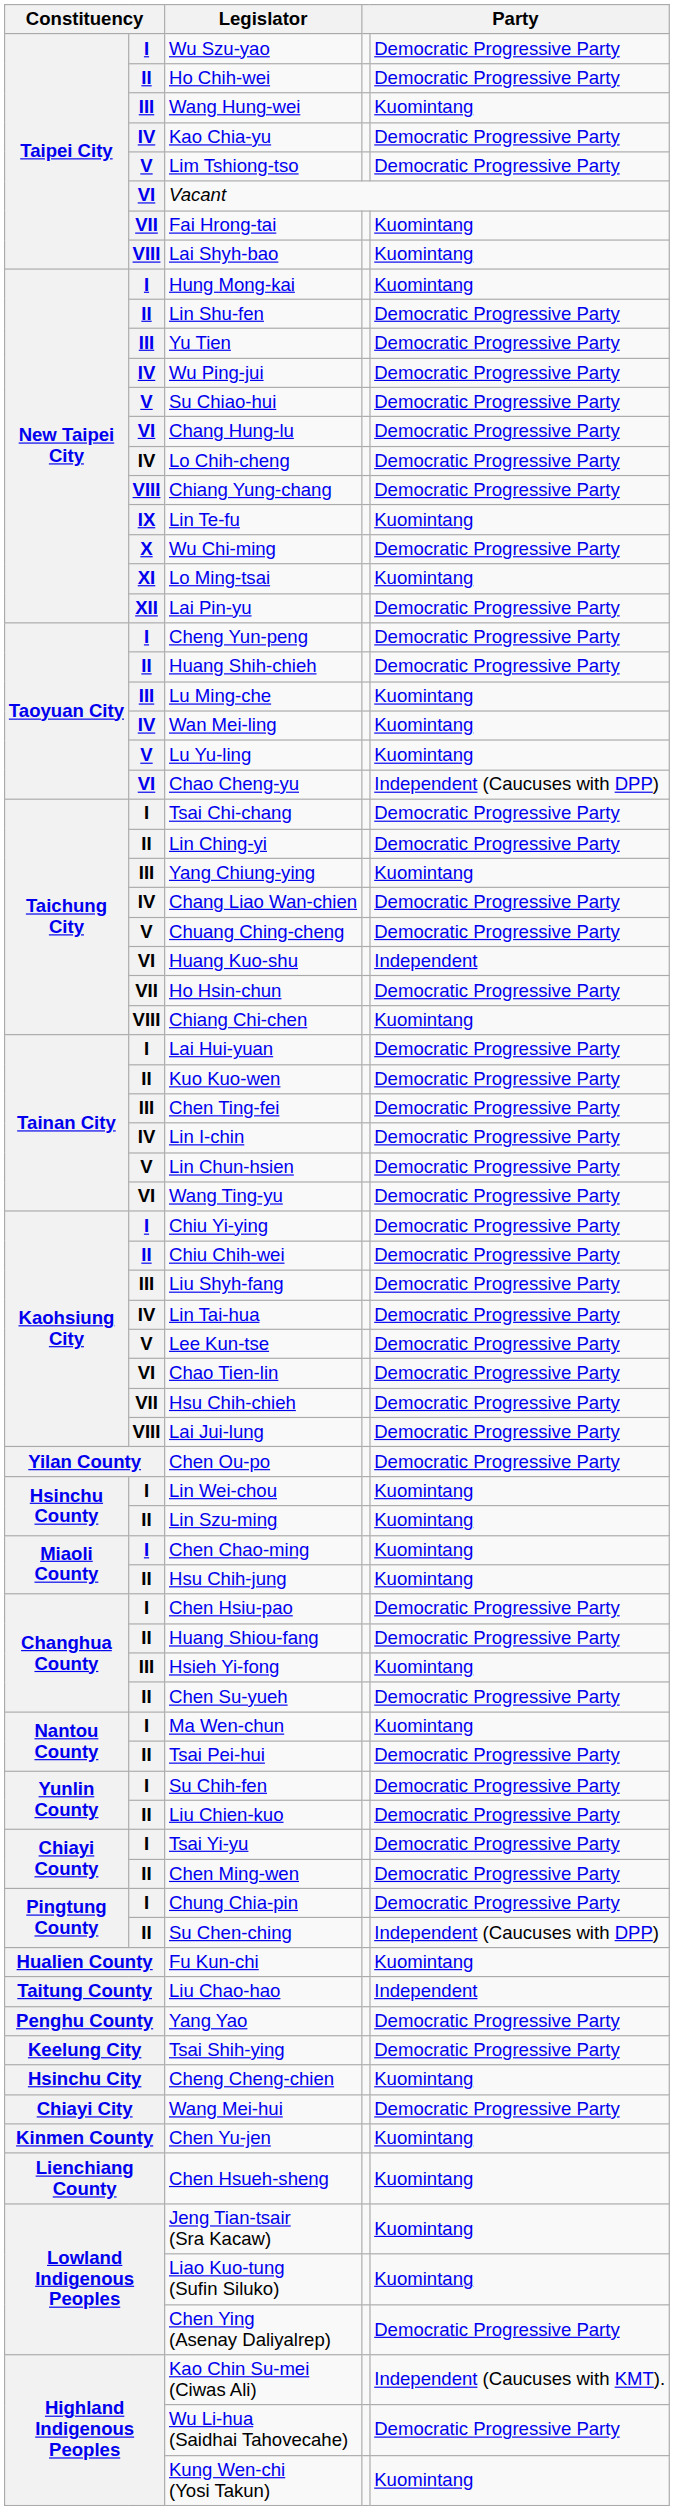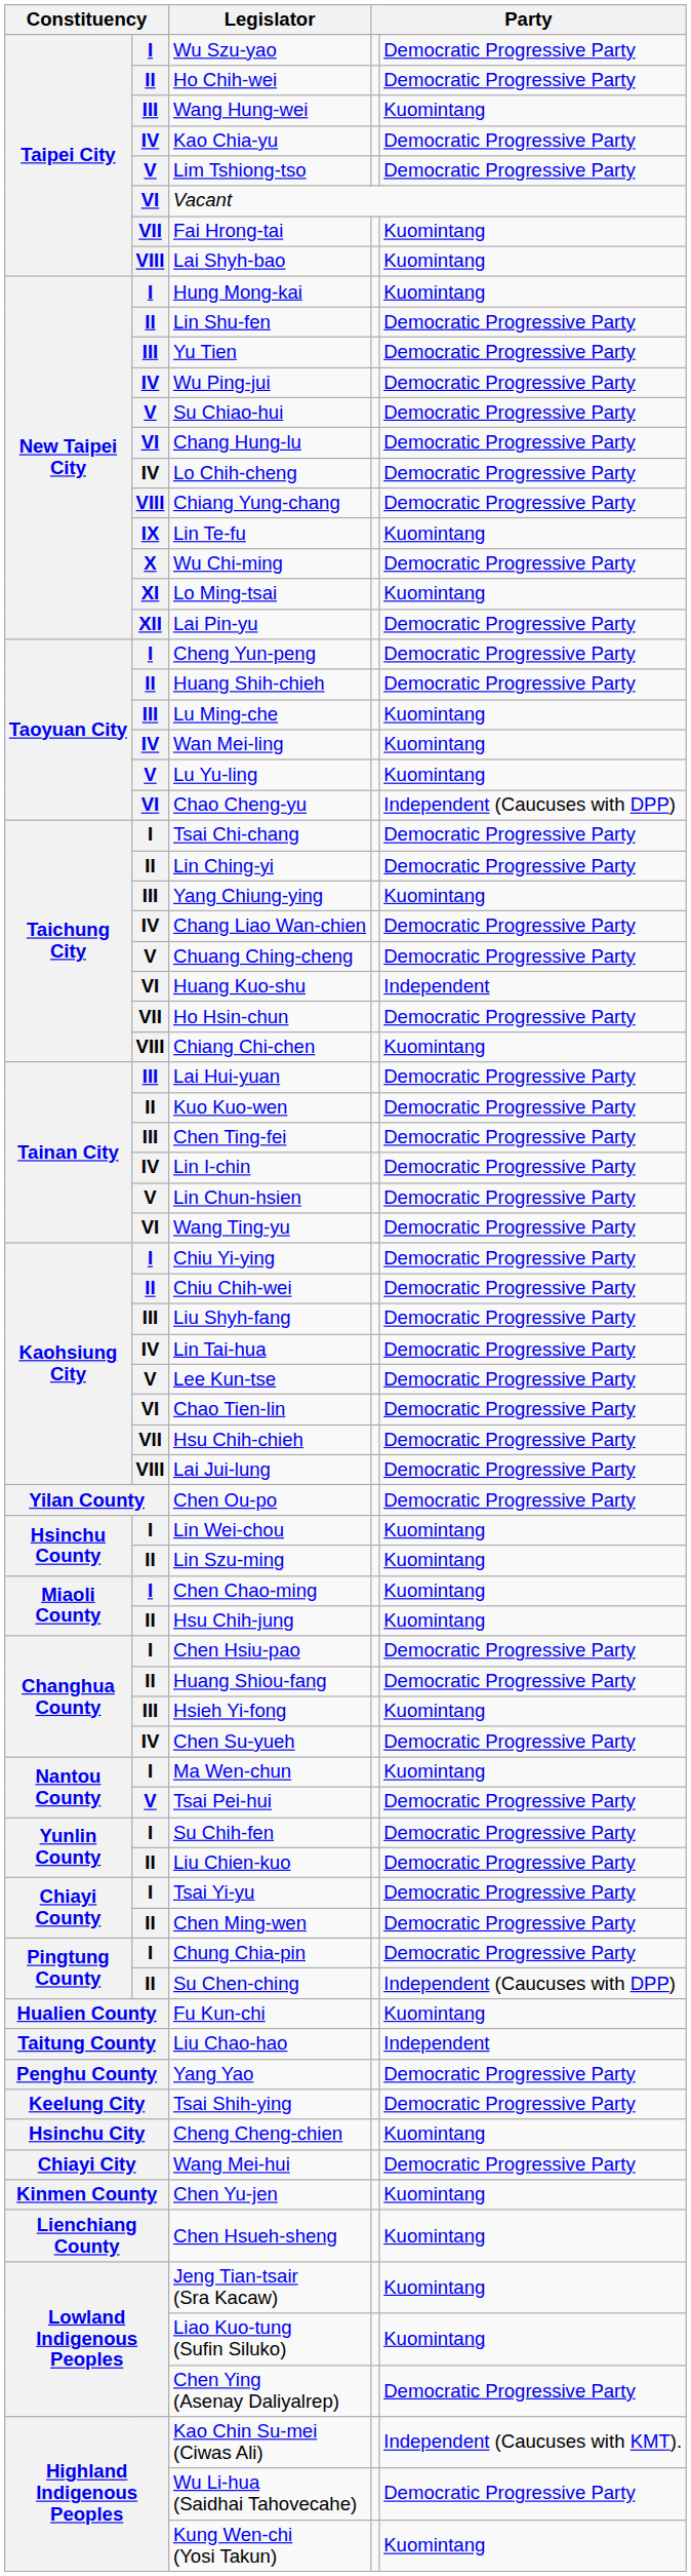 <table class="wikitable">
 <tr>
 <th colspan="2">Constituency</th>
 <th>Legislator</th>
 <th colspan="2">Party</th>
 </tr>
 <tr>
 <th rowspan="8"><a href='#'>Taipei City</a></th>
 <th><a href='#'>I</a></th>
 <td><a href='#'>Wu Szu-yao</a></td>
 <td style="background-color: "></td>
 <td><a href='#'>Democratic Progressive Party</a></td>
 </tr>
 <tr>
 <th><a href='#'>II</a></th>
 <td><a href='#'>Ho Chih-wei</a></td>
 <td style="background-color: "></td>
 <td><a href='#'>Democratic Progressive Party</a></td>
 </tr>
 <tr>
 <th><a href='#'>III</a></th>
 <td><a href='#'>Wang Hung-wei</a></td>
 <td style="background-color: "></td>
 <td><a href='#'>Kuomintang</a></td>
 </tr>
 <tr>
 <th><a href='#'>IV</a></th>
 <td><a href='#'>Kao Chia-yu</a></td>
 <td style="background-color: "></td>
 <td><a href='#'>Democratic Progressive Party</a></td>
 </tr>
 <tr>
 <th><a href='#'>V</a></th>
 <td><a href='#'>Lim Tshiong-tso</a></td>
 <td style="background-color: "></td>
 <td><a href='#'>Democratic Progressive Party</a></td>
 </tr>
 <tr>
 <th><a href='#'>VI</a></th>
 <td colspan="3"><em>Vacant</em></td>
 </tr>
 <tr>
 <th><a href='#'>VII</a></th>
 <td><a href='#'>Fai Hrong-tai</a></td>
 <td style="background-color: "></td>
 <td><a href='#'>Kuomintang</a></td>
 </tr>
 <tr>
 <th><a href='#'>VIII</a></th>
 <td><a href='#'>Lai Shyh-bao</a></td>
 <td style="background-color: "></td>
 <td><a href='#'>Kuomintang</a></td>
 </tr>
 <tr>
 <th rowspan="12"><a href='#'>New Taipei<br>City</a></th>
 <th><a href='#'>I</a></th>
 <td><a href='#'>Hung Mong-kai</a></td>
 <td style="background-color: "></td>
 <td><a href='#'>Kuomintang</a></td>
 </tr>
 <tr>
 <th><a href='#'>II</a></th>
 <td><a href='#'>Lin Shu-fen</a></td>
 <td style="background-color: "></td>
 <td><a href='#'>Democratic Progressive Party</a></td>
 </tr>
 <tr>
 <th><a href='#'>III</a></th>
 <td><a href='#'>Yu Tien</a></td>
 <td style="background-color: "></td>
 <td><a href='#'>Democratic Progressive Party</a></td>
 </tr>
 <tr>
 <th><a href='#'>IV</a></th>
 <td><a href='#'>Wu Ping-jui</a></td>
 <td style="background-color: "></td>
 <td><a href='#'>Democratic Progressive Party</a></td>
 </tr>
 <tr>
 <th><a href='#'>V</a></th>
 <td><a href='#'>Su Chiao-hui</a></td>
 <td style="background-color: "></td>
 <td><a href='#'>Democratic Progressive Party</a></td>
 </tr>
 <tr>
 <th><a href='#'>VI</a></th>
 <td><a href='#'>Chang Hung-lu</a></td>
 <td style="background-color: "></td>
 <td><a href='#'>Democratic Progressive Party</a></td>
 </tr>
 <tr>
 <th>IV</th>
 <td><a href='#'>Lo Chih-cheng</a></td>
 <td style="background-color: "></td>
 <td><a href='#'>Democratic Progressive Party</a></td>
 </tr>
 <tr>
 <th><a href='#'>VIII</a></th>
 <td><a href='#'>Chiang Yung-chang</a></td>
 <td style="background-color: "></td>
 <td><a href='#'>Democratic Progressive Party</a></td>
 </tr>
 <tr>
 <th><a href='#'>IX</a></th>
 <td><a href='#'>Lin Te-fu</a></td>
 <td style="background-color: "></td>
 <td><a href='#'>Kuomintang</a></td>
 </tr>
 <tr>
 <th><a href='#'>X</a></th>
 <td><a href='#'>Wu Chi-ming</a></td>
 <td style="background-color: "></td>
 <td><a href='#'>Democratic Progressive Party</a></td>
 </tr>
 <tr>
 <th><a href='#'>XI</a></th>
 <td><a href='#'>Lo Ming-tsai</a></td>
 <td style="background-color: "></td>
 <td><a href='#'>Kuomintang</a></td>
 </tr>
 <tr>
 <th><a href='#'>XII</a></th>
 <td><a href='#'>Lai Pin-yu</a></td>
 <td style="background-color: "></td>
 <td><a href='#'>Democratic Progressive Party</a></td>
 </tr>
 <tr>
 <th rowspan="6"><a href='#'>Taoyuan City</a></th>
 <th><a href='#'>I</a></th>
 <td><a href='#'>Cheng Yun-peng</a></td>
 <td style="background-color: "></td>
 <td><a href='#'>Democratic Progressive Party</a></td>
 </tr>
 <tr>
 <th><a href='#'>II</a></th>
 <td><a href='#'>Huang Shih-chieh</a></td>
 <td style="background-color: "></td>
 <td><a href='#'>Democratic Progressive Party</a></td>
 </tr>
 <tr>
 <th><a href='#'>III</a></th>
 <td><a href='#'>Lu Ming-che</a></td>
 <td style="background-color: "></td>
 <td><a href='#'>Kuomintang</a></td>
 </tr>
 <tr>
 <th><a href='#'>IV</a></th>
 <td><a href='#'>Wan Mei-ling</a></td>
 <td style="background-color: "></td>
 <td><a href='#'>Kuomintang</a></td>
 </tr>
 <tr>
 <th><a href='#'>V</a></th>
 <td><a href='#'>Lu Yu-ling</a></td>
 <td style="background-color: "></td>
 <td><a href='#'>Kuomintang</a></td>
 </tr>
 <tr>
 <th><a href='#'>VI</a></th>
 <td><a href='#'>Chao Cheng-yu</a></td>
 <td style="background-color: "></td>
 <td><a href='#'>Independent</a> (Caucuses with <a href='#'>DPP</a>)</td>
 </tr>
 <tr>
 <th rowspan="8"><a href='#'>Taichung<br>City</a></th>
 <th>I</th>
 <td><a href='#'>Tsai Chi-chang</a></td>
 <td style="background-color: "></td>
 <td><a href='#'>Democratic Progressive Party</a></td>
 </tr>
 <tr>
 <th>II</th>
 <td><a href='#'>Lin Ching-yi</a></td>
 <td style="background-color: "></td>
 <td><a href='#'>Democratic Progressive Party</a></td>
 </tr>
 <tr>
 <th>III</th>
 <td><a href='#'>Yang Chiung-ying</a></td>
 <td style="background-color: "></td>
 <td><a href='#'>Kuomintang</a></td>
 </tr>
 <tr>
 <th>IV</th>
 <td><a href='#'>Chang Liao Wan-chien</a></td>
 <td style="background-color: "></td>
 <td><a href='#'>Democratic Progressive Party</a></td>
 </tr>
 <tr>
 <th>V</th>
 <td><a href='#'>Chuang Ching-cheng</a></td>
 <td style="background-color: "></td>
 <td><a href='#'>Democratic Progressive Party</a></td>
 </tr>
 <tr>
 <th>VI</th>
 <td><a href='#'>Huang Kuo-shu</a></td>
 <td style="background-color: "></td>
 <td><a href='#'>Independent</a></td>
 </tr>
 <tr>
 <th>VII</th>
 <td><a href='#'>Ho Hsin-chun</a></td>
 <td style="background-color: "></td>
 <td><a href='#'>Democratic Progressive Party</a></td>
 </tr>
 <tr>
 <th>VIII</th>
 <td><a href='#'>Chiang Chi-chen</a></td>
 <td style="background-color: "></td>
 <td><a href='#'>Kuomintang</a></td>
 </tr>
 <tr>
 <th rowspan="6"><a href='#'>Tainan City</a></th>
-<th>I</th>
+<th><a href='#'>III</a></th>
 <td><a href='#'>Lai Hui-yuan</a></td>
 <td style="background-color: "></td>
 <td><a href='#'>Democratic Progressive Party</a></td>
 </tr>
 <tr>
 <th>II</th>
 <td><a href='#'>Kuo Kuo-wen</a></td>
 <td style="background-color: "></td>
 <td><a href='#'>Democratic Progressive Party</a></td>
 </tr>
 <tr>
 <th>III</th>
 <td><a href='#'>Chen Ting-fei</a></td>
 <td style="background-color: "></td>
 <td><a href='#'>Democratic Progressive Party</a></td>
 </tr>
 <tr>
 <th>IV</th>
 <td><a href='#'>Lin I-chin</a></td>
 <td style="background-color: "></td>
 <td><a href='#'>Democratic Progressive Party</a></td>
 </tr>
 <tr>
 <th>V</th>
 <td><a href='#'>Lin Chun-hsien</a></td>
 <td style="background-color: "></td>
 <td><a href='#'>Democratic Progressive Party</a></td>
 </tr>
 <tr>
 <th>VI</th>
 <td><a href='#'>Wang Ting-yu</a></td>
 <td style="background-color: "></td>
 <td><a href='#'>Democratic Progressive Party</a></td>
 </tr>
 <tr>
 <th rowspan="8"><a href='#'>Kaohsiung<br>City</a></th>
 <th><a href='#'>I</a></th>
 <td><a href='#'>Chiu Yi-ying</a></td>
 <td style="background-color: "></td>
 <td><a href='#'>Democratic Progressive Party</a></td>
 </tr>
 <tr>
 <th><a href='#'>II</a></th>
 <td><a href='#'>Chiu Chih-wei</a></td>
 <td style="background-color: "></td>
 <td><a href='#'>Democratic Progressive Party</a></td>
 </tr>
 <tr>
 <th>III</th>
 <td><a href='#'>Liu Shyh-fang</a></td>
 <td style="background-color: "></td>
 <td><a href='#'>Democratic Progressive Party</a></td>
 </tr>
 <tr>
 <th>IV</th>
 <td><a href='#'>Lin Tai-hua</a></td>
 <td style="background-color: "></td>
 <td><a href='#'>Democratic Progressive Party</a></td>
 </tr>
 <tr>
 <th>V</th>
 <td><a href='#'>Lee Kun-tse</a></td>
 <td style="background-color: "></td>
 <td><a href='#'>Democratic Progressive Party</a></td>
 </tr>
 <tr>
 <th>VI</th>
 <td><a href='#'>Chao Tien-lin</a></td>
 <td style="background-color: "></td>
 <td><a href='#'>Democratic Progressive Party</a></td>
 </tr>
 <tr>
 <th>VII</th>
 <td><a href='#'>Hsu Chih-chieh</a></td>
 <td style="background-color: "></td>
 <td><a href='#'>Democratic Progressive Party</a></td>
 </tr>
 <tr>
 <th>VIII</th>
 <td><a href='#'>Lai Jui-lung</a></td>
 <td style="background-color: "></td>
 <td><a href='#'>Democratic Progressive Party</a></td>
 </tr>
 <tr>
 <th colspan="2"><a href='#'>Yilan County</a></th>
 <td><a href='#'>Chen Ou-po</a></td>
 <td style="background-color: "></td>
 <td><a href='#'>Democratic Progressive Party</a></td>
 </tr>
 <tr>
 <th rowspan="2"><a href='#'>Hsinchu<br>County</a></th>
 <th>I</th>
 <td><a href='#'>Lin Wei-chou</a></td>
 <td style="background-color: "></td>
 <td><a href='#'>Kuomintang</a></td>
 </tr>
 <tr>
 <th>II</th>
 <td><a href='#'>Lin Szu-ming</a></td>
 <td style="background-color: "></td>
 <td><a href='#'>Kuomintang</a></td>
 </tr>
 <tr>
 <th rowspan="2"><a href='#'>Miaoli<br>County</a></th>
 <th><a href='#'>I</a></th>
 <td><a href='#'>Chen Chao-ming</a></td>
 <td style="background-color: "></td>
 <td><a href='#'>Kuomintang</a></td>
 </tr>
 <tr>
 <th>II</th>
 <td><a href='#'>Hsu Chih-jung</a></td>
 <td style="background-color: "></td>
 <td><a href='#'>Kuomintang</a></td>
 </tr>
 <tr>
 <th rowspan="4"><a href='#'>Changhua<br>County</a></th>
 <th>I</th>
 <td><a href='#'>Chen Hsiu-pao</a></td>
 <td style="background-color: "></td>
 <td><a href='#'>Democratic Progressive Party</a></td>
 </tr>
 <tr>
 <th>II</th>
 <td><a href='#'>Huang Shiou-fang</a></td>
 <td style="background-color: "></td>
 <td><a href='#'>Democratic Progressive Party</a></td>
 </tr>
 <tr>
 <th>III</th>
 <td><a href='#'>Hsieh Yi-fong</a></td>
 <td style="background-color: "></td>
 <td><a href='#'>Kuomintang</a></td>
 </tr>
 <tr>
-<th>II</th>
+<th>IV</th>
 <td><a href='#'>Chen Su-yueh</a></td>
 <td style="background-color: "></td>
 <td><a href='#'>Democratic Progressive Party</a></td>
 </tr>
 <tr>
 <th rowspan="2"><a href='#'>Nantou<br>County</a></th>
 <th>I</th>
 <td><a href='#'>Ma Wen-chun</a></td>
 <td style="background-color: "></td>
 <td><a href='#'>Kuomintang</a></td>
 </tr>
 <tr>
-<th>II</th>
+<th><a href='#'>V</a></th>
 <td><a href='#'>Tsai Pei-hui</a></td>
 <td style="background-color: "></td>
 <td><a href='#'>Democratic Progressive Party</a></td>
 </tr>
 <tr>
 <th rowspan="2"><a href='#'>Yunlin<br>County</a></th>
 <th>I</th>
 <td><a href='#'>Su Chih-fen</a></td>
 <td style="background-color: "></td>
 <td><a href='#'>Democratic Progressive Party</a></td>
 </tr>
 <tr>
 <th>II</th>
 <td><a href='#'>Liu Chien-kuo</a></td>
 <td style="background-color: "></td>
 <td><a href='#'>Democratic Progressive Party</a></td>
 </tr>
 <tr>
 <th rowspan="2"><a href='#'>Chiayi<br>County</a></th>
 <th>I</th>
 <td><a href='#'>Tsai Yi-yu</a></td>
 <td style="background-color: "></td>
 <td><a href='#'>Democratic Progressive Party</a></td>
 </tr>
 <tr>
 <th>II</th>
 <td><a href='#'>Chen Ming-wen</a></td>
 <td style="background-color: "></td>
 <td><a href='#'>Democratic Progressive Party</a></td>
 </tr>
 <tr>
 <th rowspan="2"><a href='#'>Pingtung<br>County</a></th>
 <th>I</th>
 <td><a href='#'>Chung Chia-pin</a></td>
 <td style="background-color: "></td>
 <td><a href='#'>Democratic Progressive Party</a></td>
 </tr>
 <tr>
 <th>II</th>
 <td><a href='#'>Su Chen-ching</a></td>
 <td style="background-color: "></td>
 <td><a href='#'>Independent</a> (Caucuses with <a href='#'>DPP</a>)</td>
 </tr>
 <tr>
 <th colspan="2"><a href='#'>Hualien County</a></th>
 <td><a href='#'>Fu Kun-chi</a></td>
 <td style="background-color: "></td>
 <td><a href='#'>Kuomintang</a></td>
 </tr>
 <tr>
 <th colspan="2"><a href='#'>Taitung County</a></th>
 <td><a href='#'>Liu Chao-hao</a></td>
 <td style="background-color: "></td>
 <td><a href='#'>Independent</a></td>
 </tr>
 <tr>
 <th colspan="2"><a href='#'>Penghu County</a></th>
 <td><a href='#'>Yang Yao</a></td>
 <td style="background-color: "></td>
 <td><a href='#'>Democratic Progressive Party</a></td>
 </tr>
 <tr>
 <th colspan="2"><a href='#'>Keelung City</a></th>
 <td><a href='#'>Tsai Shih-ying</a></td>
 <td style="background-color: "></td>
 <td><a href='#'>Democratic Progressive Party</a></td>
 </tr>
 <tr>
 <th colspan="2"><a href='#'>Hsinchu City</a></th>
 <td><a href='#'>Cheng Cheng-chien</a></td>
 <td style="background-color: "></td>
 <td><a href='#'>Kuomintang</a></td>
 </tr>
 <tr>
 <th colspan="2"><a href='#'>Chiayi City</a></th>
 <td><a href='#'>Wang Mei-hui</a></td>
 <td style="background-color: "></td>
 <td><a href='#'>Democratic Progressive Party</a></td>
 </tr>
 <tr>
 <th colspan="2"><a href='#'>Kinmen County</a></th>
 <td><a href='#'>Chen Yu-jen</a></td>
 <td style="background-color: "></td>
 <td><a href='#'>Kuomintang</a></td>
 </tr>
 <tr>
 <th colspan="2"><a href='#'>Lienchiang<br>County</a></th>
 <td><a href='#'>Chen Hsueh-sheng</a></td>
 <td style="background-color: "></td>
 <td><a href='#'>Kuomintang</a></td>
 </tr>
 <tr>
 <th colspan="2" rowspan="3"><a href='#'>Lowland<br>Indigenous<br>Peoples</a></th>
 <td><a href='#'>Jeng Tian-tsair</a><br>(Sra Kacaw)</td>
 <td style="background-color: "></td>
 <td><a href='#'>Kuomintang</a></td>
 </tr>
 <tr>
 <td><a href='#'>Liao Kuo-tung</a><br>(Sufin Siluko)</td>
 <td style="background-color: "></td>
 <td><a href='#'>Kuomintang</a></td>
 </tr>
 <tr>
 <td><a href='#'>Chen Ying</a><br>(Asenay Daliyalrep)</td>
 <td style="background-color: "></td>
 <td><a href='#'>Democratic Progressive Party</a></td>
 </tr>
 <tr>
 <th colspan="2" rowspan="3"><a href='#'>Highland<br>Indigenous<br>Peoples</a></th>
 <td><a href='#'>Kao Chin Su-mei</a><br>(Ciwas Ali)</td>
 <td style="background-color: "></td>
 <td><a href='#'>Independent</a> (Caucuses with <a href='#'>KMT</a>).</td>
 </tr>
 <tr>
 <td><a href='#'>Wu Li-hua</a><br>(Saidhai Tahovecahe)</td>
 <td style="background-color: "></td>
 <td><a href='#'>Democratic Progressive Party</a></td>
 </tr>
 <tr>
 <td><a href='#'>Kung Wen-chi</a><br>(Yosi Takun)</td>
 <td style="background-color: "></td>
 <td><a href='#'>Kuomintang</a></td>
 </tr>
 </table>
